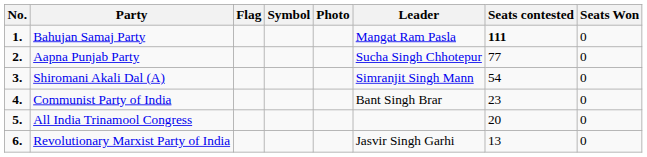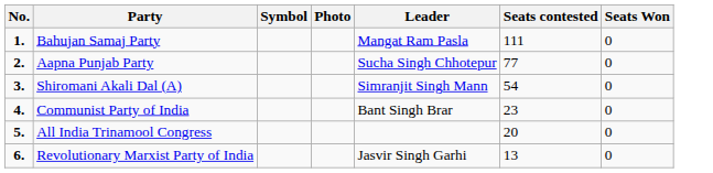 <table class="wikitable">
 <tr>
 <th>No.</th>
 <th>Party</th>
-<th>Flag</th>
 <th>Symbol</th>
 <th>Photo</th>
 <th>Leader</th>
 <th>Seats contested</th>
 <th>Seats Won</th>
 </tr>
 <tr>
 <td style="text-align:center; background:"><strong>1.</strong></td>
 <td><a href='#'>Bahujan Samaj Party</a></td>
 <td></td>
 <td></td>
-<td></td>
 <td><a href='#'>Mangat Ram Pasla</a></td>
-<td><strong>111</strong></td>
+<td>111</td>
 <td>0</td>
 </tr>
 <tr>
 <td style="text-align:center; background:"><strong>2.</strong></td>
 <td><a href='#'>Aapna Punjab Party</a></td>
-<td></td>
 <td></td>
 <td></td>
 <td><a href='#'>Sucha Singh Chhotepur</a></td>
 <td>77</td>
 <td>0</td>
 </tr>
 <tr>
 <td style="text-align:center; background:"><strong>3.</strong></td>
 <td><a href='#'>Shiromani Akali Dal (A)</a></td>
 <td></td>
 <td></td>
-<td></td>
 <td><a href='#'>Simranjit Singh Mann</a></td>
 <td>54</td>
 <td>0</td>
 </tr>
 <tr>
 <td style="text-align:center; background:"><strong>4.</strong></td>
 <td><a href='#'>Communist Party of India</a></td>
-<td></td>
 <td></td>
 <td></td>
 <td>Bant Singh Brar</td>
 <td>23</td>
 <td>0</td>
 </tr>
 <tr>
 <td style="text-align:center; background:"><strong>5.</strong></td>
 <td><a href='#'>All India Trinamool Congress</a></td>
 <td></td>
 <td></td>
 <td></td>
-<td></td>
 <td>20</td>
 <td>0</td>
 </tr>
 <tr>
 <td style="text-align:center; background:"><strong>6.</strong></td>
 <td><a href='#'>Revolutionary Marxist Party of India</a></td>
 <td></td>
 <td></td>
-<td></td>
 <td>Jasvir Singh Garhi</td>
 <td>13</td>
 <td>0</td>
 </tr>
 </table>
